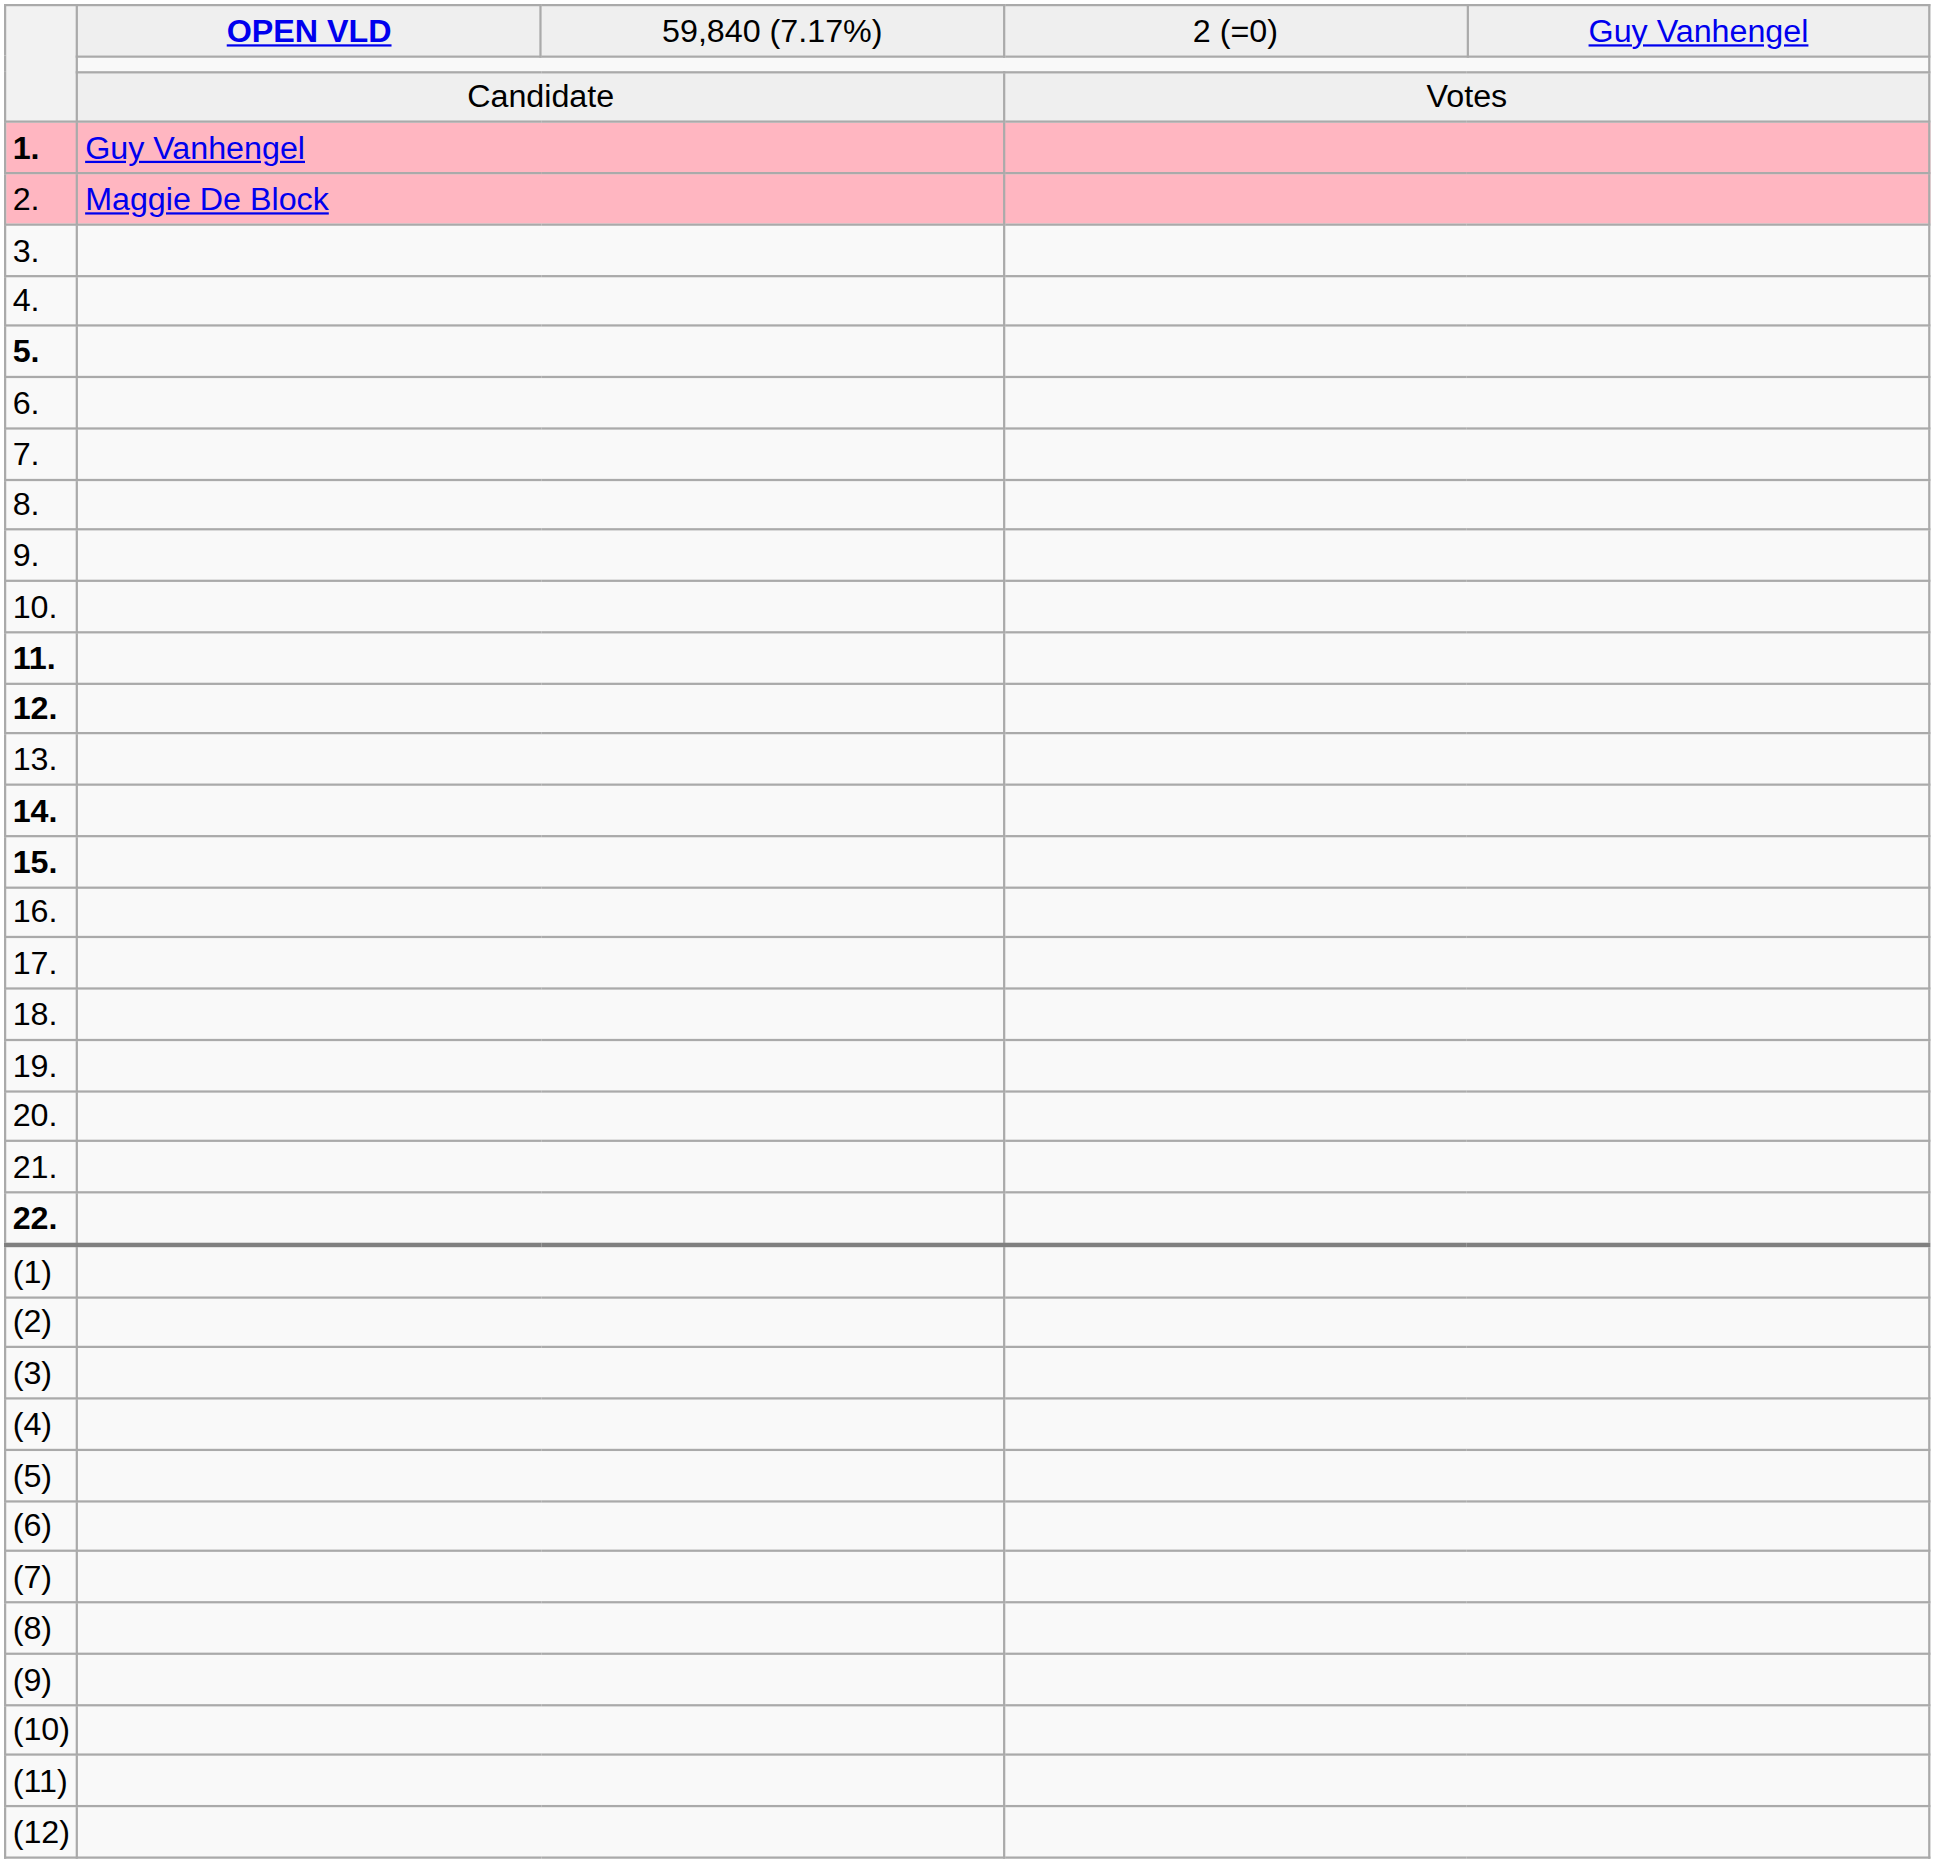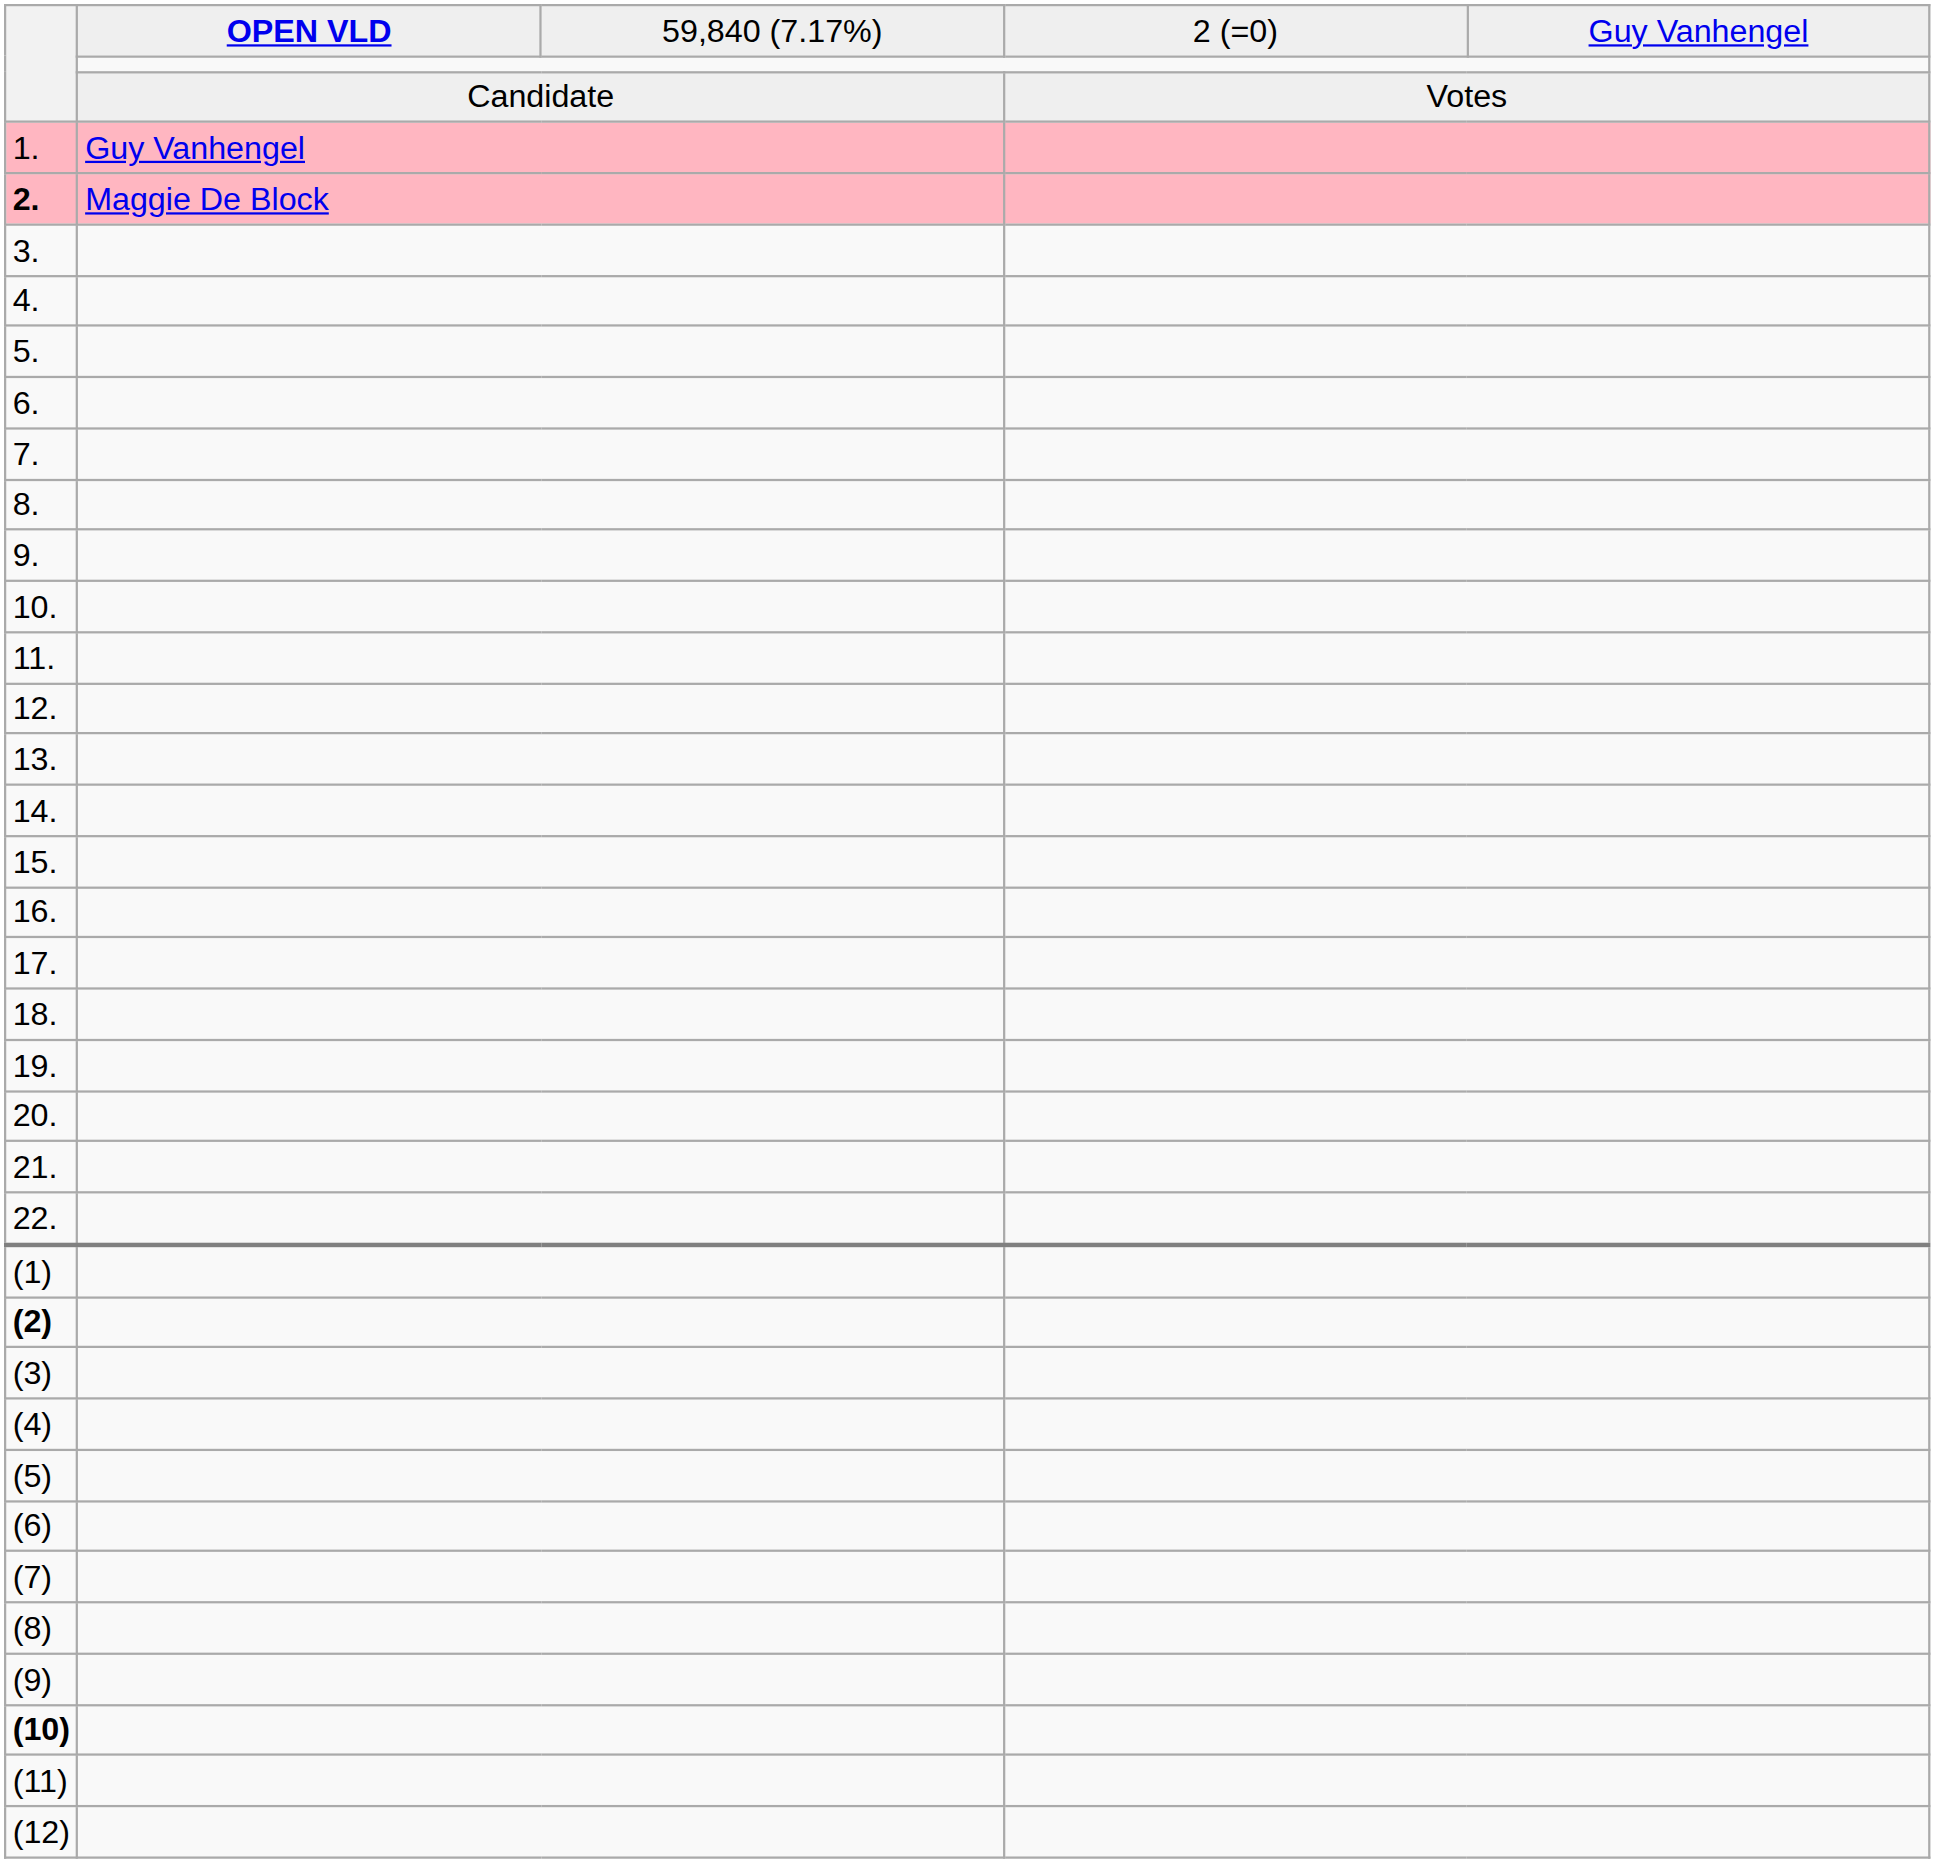 <table class="wikitable collapsible collapsed" style=text-align:left;font-size:90%>
 <tr>
 <th rowspan=3></th>
 <td bgcolor=efefef width=200 align=center><strong> <a href='#'>OPEN VLD</a></strong></td>
 <td bgcolor=efefef width=200 align=center>59,840 (7.17%)</td>
 <td bgcolor=efefef width=200 align=center>2 (=0)</td>
 <td bgcolor=efefef width=200 align=center><a href='#'>Guy Vanhengel</a></td>
 </tr>
 <tr>
 <td colspan=4 bgcolor=></td>
 </tr>
 <tr>
 <td bgcolor=efefef align=center colspan=2>Candidate</td>
 <td bgcolor=efefef align=center colspan=2>Votes</td>
 </tr>
 <tr bgcolor=lightpink>
-<td><strong>1.</strong></td>
+<td>1.</td>
 <td colspan=2><a href='#'>Guy Vanhengel</a></td>
 <td colspan=2></td>
 </tr>
 <tr bgcolor=lightpink>
-<td>2.</td>
+<td><strong>2.</strong></td>
 <td colspan=2><a href='#'>Maggie De Block</a></td>
 <td colspan=2></td>
 </tr>
 <tr>
 <td>3.</td>
 <td colspan=2></td>
 <td colspan=2></td>
 </tr>
 <tr>
 <td>4.</td>
 <td colspan=2></td>
 <td colspan=2></td>
 </tr>
 <tr>
-<td><strong>5.</strong></td>
+<td>5.</td>
 <td colspan=2></td>
 <td colspan=2></td>
 </tr>
 <tr>
 <td>6.</td>
 <td colspan=2></td>
 <td colspan=2></td>
 </tr>
 <tr>
 <td>7.</td>
 <td colspan=2></td>
 <td colspan=2></td>
 </tr>
 <tr>
 <td>8.</td>
 <td colspan=2></td>
 <td colspan=2></td>
 </tr>
 <tr>
 <td>9.</td>
 <td colspan=2></td>
 <td colspan=2></td>
 </tr>
 <tr>
 <td>10.</td>
 <td colspan=2></td>
 <td colspan=2></td>
 </tr>
 <tr>
-<td><strong>11.</strong></td>
+<td>11.</td>
 <td colspan=2></td>
 <td colspan=2></td>
 </tr>
 <tr>
-<td><strong>12.</strong></td>
+<td>12.</td>
 <td colspan=2></td>
 <td colspan=2></td>
 </tr>
 <tr>
 <td>13.</td>
 <td colspan=2></td>
 <td colspan=2></td>
 </tr>
 <tr>
-<td><strong>14.</strong></td>
+<td>14.</td>
 <td colspan=2></td>
 <td colspan=2></td>
 </tr>
 <tr>
-<td><strong>15.</strong></td>
+<td>15.</td>
 <td colspan=2></td>
 <td colspan=2></td>
 </tr>
 <tr>
 <td>16.</td>
 <td colspan=2></td>
 <td colspan=2></td>
 </tr>
 <tr>
 <td>17.</td>
 <td colspan=2></td>
 <td colspan=2></td>
 </tr>
 <tr>
 <td>18.</td>
 <td colspan=2></td>
 <td colspan=2></td>
 </tr>
 <tr>
 <td>19.</td>
 <td colspan=2></td>
 <td colspan=2></td>
 </tr>
 <tr>
 <td>20.</td>
 <td colspan=2></td>
 <td colspan=2></td>
 </tr>
 <tr>
 <td>21.</td>
 <td colspan=2></td>
 <td colspan=2></td>
 </tr>
 <tr>
-<td><strong>22.</strong></td>
+<td>22.</td>
 <td colspan=2></td>
 <td colspan=2></td>
 </tr>
 <tr style="border-top:2px solid gray;">
 <td>(1)</td>
 <td colspan=2></td>
 <td colspan=2></td>
 </tr>
 <tr>
-<td>(2)</td>
+<td><strong>(2)</strong></td>
 <td colspan=2></td>
 <td colspan=2></td>
 </tr>
 <tr>
 <td>(3)</td>
 <td colspan=2></td>
 <td colspan=2></td>
 </tr>
 <tr>
 <td>(4)</td>
 <td colspan=2></td>
 <td colspan=2></td>
 </tr>
 <tr>
 <td>(5)</td>
 <td colspan=2></td>
 <td colspan=2></td>
 </tr>
 <tr>
 <td>(6)</td>
 <td colspan=2></td>
 <td colspan=2></td>
 </tr>
 <tr>
 <td>(7)</td>
 <td colspan=2></td>
 <td colspan=2></td>
 </tr>
 <tr>
 <td>(8)</td>
 <td colspan=2></td>
 <td colspan=2></td>
 </tr>
 <tr>
 <td>(9)</td>
 <td colspan=2></td>
 <td colspan=2></td>
 </tr>
 <tr>
-<td>(10)</td>
+<td><strong>(10)</strong></td>
 <td colspan=2></td>
 <td colspan=2></td>
 </tr>
 <tr>
 <td>(11)</td>
 <td colspan=2></td>
 <td colspan=2></td>
 </tr>
 <tr>
 <td>(12)</td>
 <td colspan=2></td>
 <td colspan=2></td>
 </tr>
 </table>
